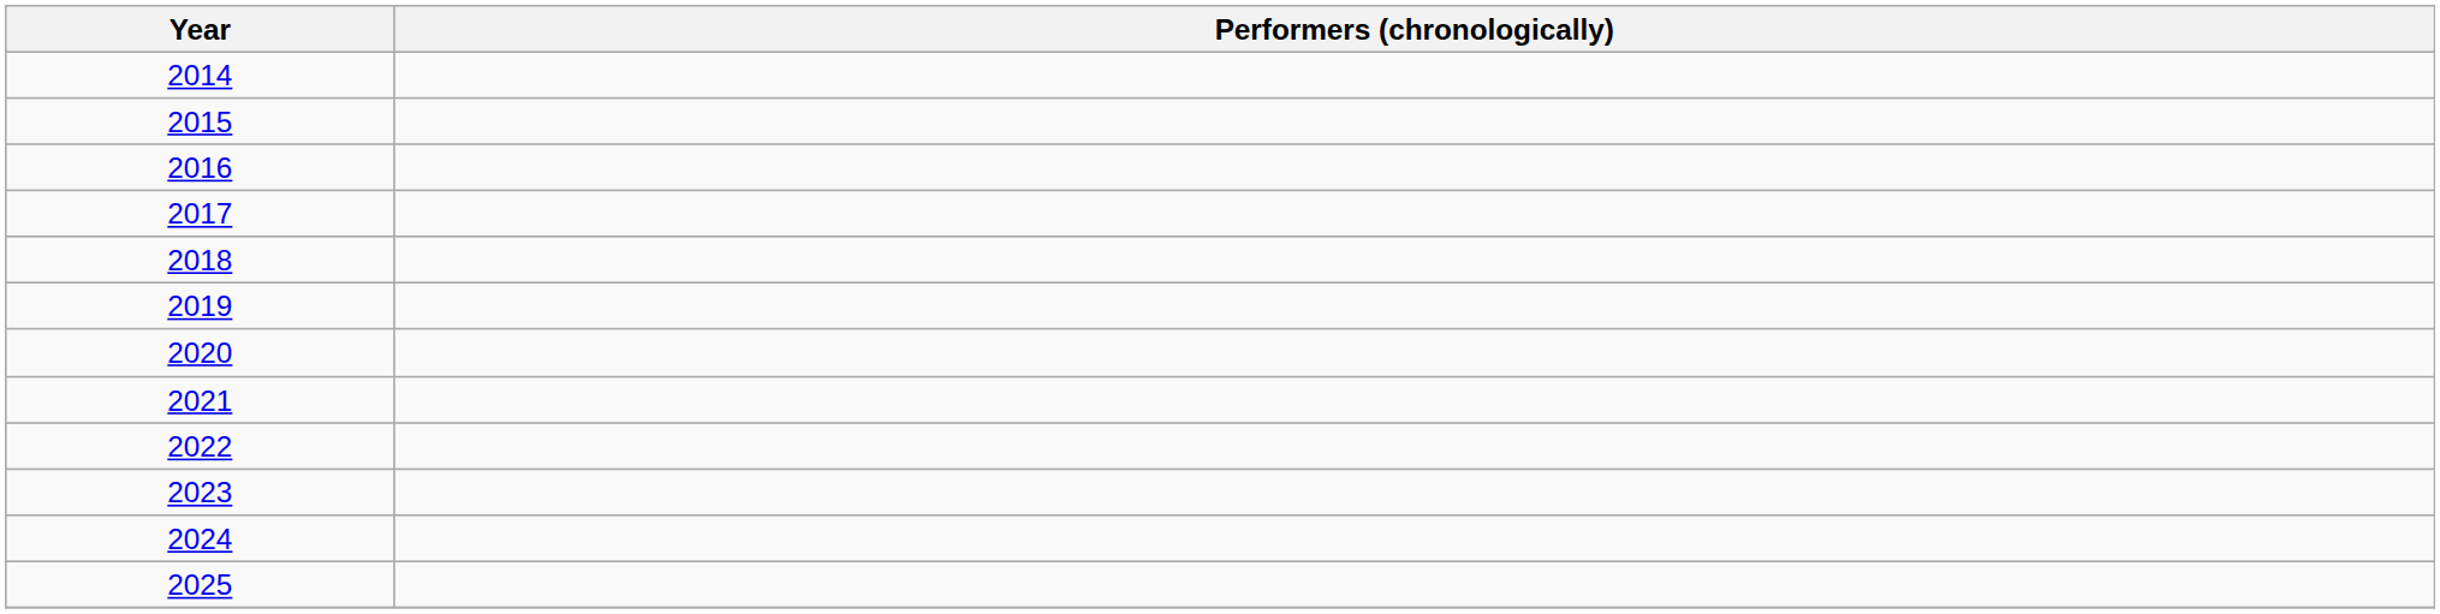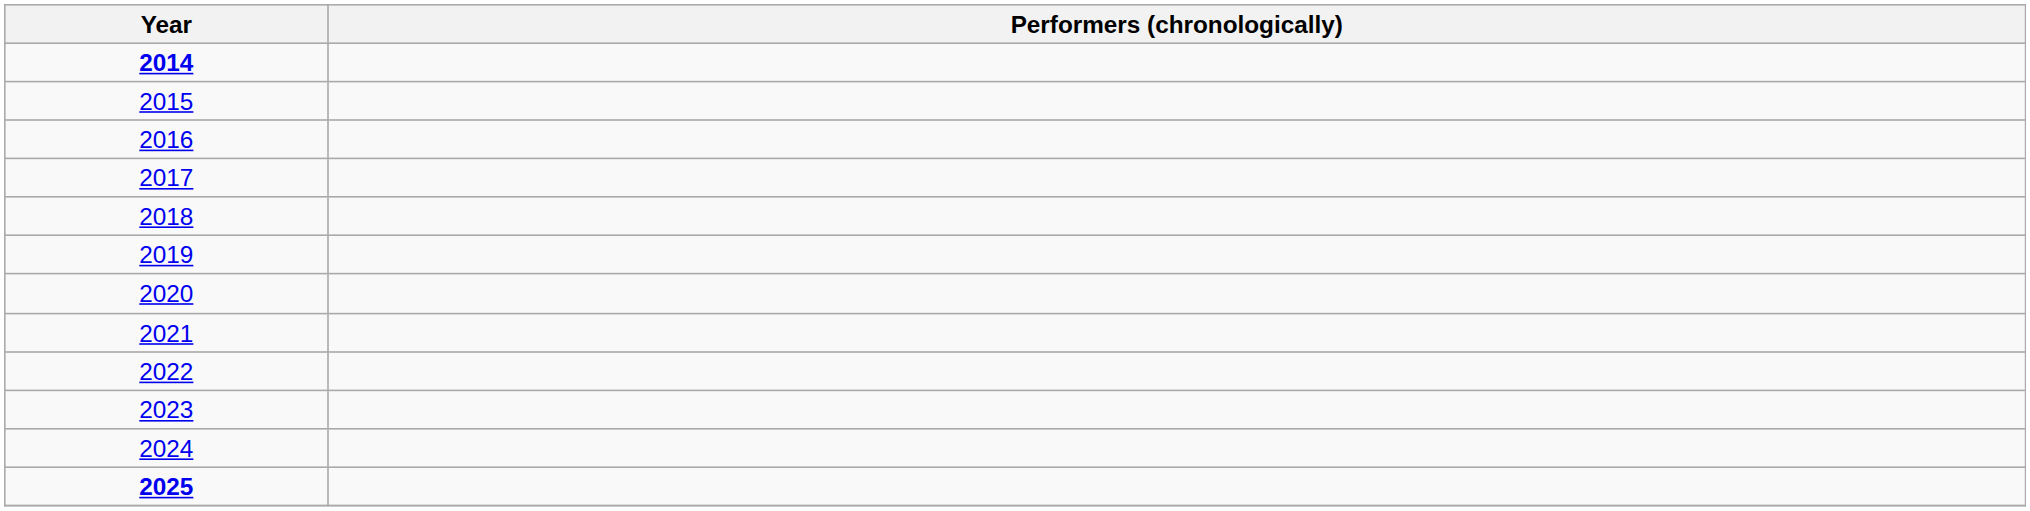 <table class="wikitable sortable" style="font-size:95%; width:100%;">
 <tr>
 <th>Year</th>
 <th>Performers (chronologically)</th>
 </tr>
 <tr>
-<td align="center"><a href='#'>2014</a></td>
+<td align="center"><strong><a href='#'>2014</a></strong></td>
 <td></td>
 </tr>
 <tr>
 <td align="center"><a href='#'>2015</a></td>
 <td></td>
 </tr>
 <tr>
 <td align="center"><a href='#'>2016</a></td>
 <td></td>
 </tr>
 <tr>
 <td align="center"><a href='#'>2017</a></td>
 <td></td>
 </tr>
 <tr>
 <td align="center"><a href='#'>2018</a></td>
 <td></td>
 </tr>
 <tr>
 <td align="center"><a href='#'>2019</a></td>
 <td></td>
 </tr>
 <tr>
 <td align="center"><a href='#'>2020</a></td>
 <td></td>
 </tr>
 <tr>
 <td align="center"><a href='#'>2021</a></td>
 <td></td>
 </tr>
 <tr>
 <td align="center"><a href='#'>2022</a></td>
 <td></td>
 </tr>
 <tr>
 <td align="center"><a href='#'>2023</a></td>
 <td></td>
 </tr>
 <tr>
 <td align="center"><a href='#'>2024</a></td>
 <td></td>
 </tr>
 <tr>
-<td align="center"><a href='#'>2025</a></td>
+<td align="center"><strong><a href='#'>2025</a></strong></td>
 <td></td>
 </tr>
 <tr>
 </tr>
 </table>
